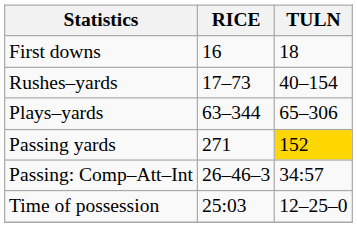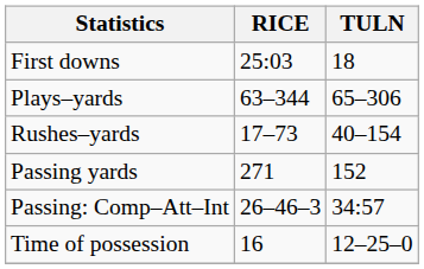 <table class="wikitable" style="float: left;">
 <tr>
 <th>Statistics</th>
 <th>RICE</th>
 <th>TULN</th>
 </tr>
 <tr>
 <td>First downs</td>
-<td>16</td>
+<td>25:03</td>
 <td>18</td>
+</tr>
+<tr>
+<td>Plays–yards</td>
+<td>63–344</td>
+<td>65–306</td>
 </tr>
 <tr>
 <td>Rushes–yards</td>
 <td>17–73</td>
 <td>40–154</td>
 </tr>
 <tr>
-<td>Plays–yards</td>
-<td>63–344</td>
-<td>65–306</td>
-</tr>
-<tr>
 <td>Passing yards</td>
 <td>271</td>
-<td style="background: gold;">152</td>
+<td>152</td>
 </tr>
 <tr>
 <td>Passing: Comp–Att–Int</td>
 <td>26–46–3</td>
 <td>34:57</td>
 </tr>
 <tr>
 <td>Time of possession</td>
-<td>25:03</td>
+<td>16</td>
 <td>12–25–0</td>
 </tr>
 <tr>
 </tr>
 </table>
